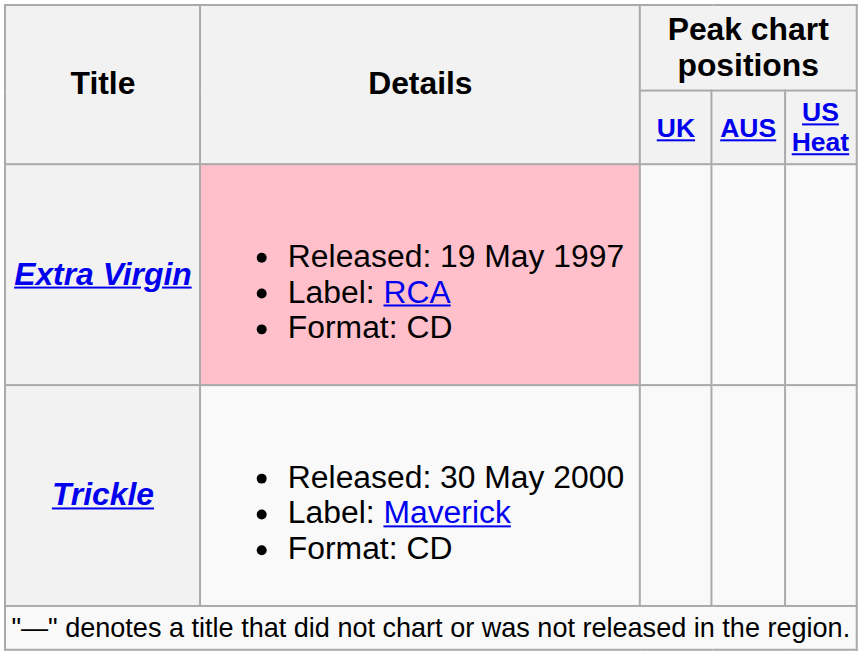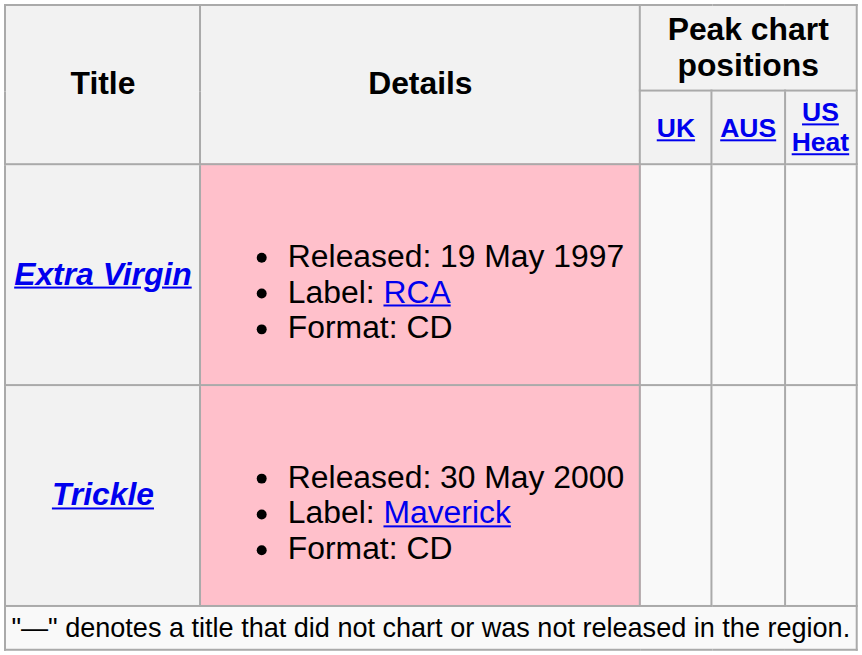 <table class="wikitable plainrowheaders">
 <tr>
 <th scope="col" rowspan="2">Title</th>
 <th scope="col" rowspan="2">Details</th>
 <th scope="col" colspan="3">Peak chart positions</th>
 </tr>
 <tr style=font-size:smaller>
 <th width=30><a href='#'>UK</a><br></th>
 <th width=30><a href='#'>AUS</a><br></th>
 <th width=30><a href='#'>US<br>Heat</a><br></th>
 </tr>
 <tr>
 <th scope="row"><em><a href='#'>Extra Virgin</a></em></th>
 <td style="background: pink;"><br><ul><li>Released: 19 May 1997</li><li>Label: <a href='#'>RCA</a></li><li>Format: CD</li></ul></td>
 <td></td>
 <td></td>
 <td></td>
 </tr>
 <tr>
 <th scope="row"><em><a href='#'>Trickle</a></em></th>
-<td><br><ul><li>Released: 30 May 2000</li><li>Label: <a href='#'>Maverick</a></li><li>Format: CD</li></ul></td>
+<td style="background: pink;"><br><ul><li>Released: 30 May 2000</li><li>Label: <a href='#'>Maverick</a></li><li>Format: CD</li></ul></td>
 <td></td>
 <td></td>
 <td></td>
 </tr>
 <tr>
 <td colspan="20" style="font-size:85%">"—" denotes a title that did not chart or was not released in the region.</td>
 </tr>
 </table>
